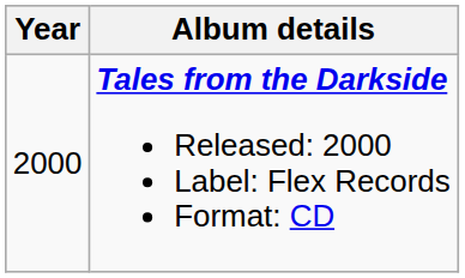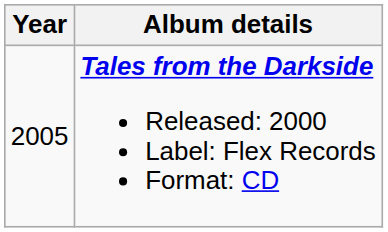 <table class="wikitable">
 <tr>
 <th>Year</th>
 <th>Album details</th>
 </tr>
 <tr>
-<td style="text-align:center;">2000</td>
+<td style="text-align:center;">2005</td>
 <td align="left"><strong><em><a href='#'>Tales from the Darkside</a></em></strong><br><ul><li>Released: 2000</li><li>Label: Flex Records</li><li>Format: <a href='#'>CD</a></li></ul></td>
 </tr>
 </table>
